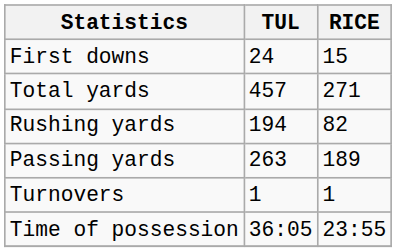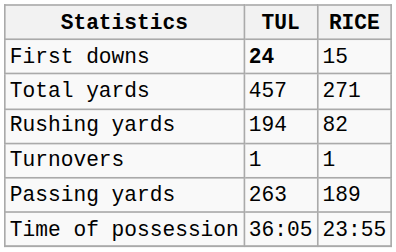 <table class="wikitable" style="float: left;">
 <tr>
 <th>Statistics</th>
 <th>TUL</th>
 <th>RICE</th>
 </tr>
 <tr>
 <td>First downs</td>
-<td>24</td>
+<td><strong>24</strong></td>
 <td>15</td>
 </tr>
 <tr>
 <td>Total yards</td>
 <td>457</td>
 <td>271</td>
 </tr>
 <tr>
 <td>Rushing yards</td>
 <td>194</td>
 <td>82</td>
 </tr>
 <tr>
+<td>Turnovers</td>
+<td>1</td>
+<td>1</td>
+</tr>
+<tr>
 <td>Passing yards</td>
 <td>263</td>
 <td>189</td>
-</tr>
-<tr>
-<td>Turnovers</td>
-<td>1</td>
-<td>1</td>
 </tr>
 <tr>
 <td>Time of possession</td>
 <td>36:05</td>
 <td>23:55</td>
 </tr>
 <tr>
 </tr>
 </table>
